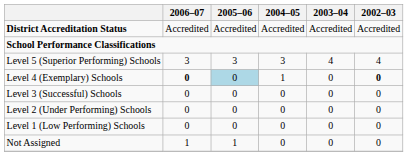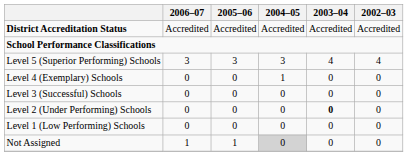 <table class="wikitable" style="font-size: 95%;">
 <tr>
 <th></th>
 <th>2006–07</th>
 <th>2005–06</th>
 <th>2004–05</th>
 <th>2003–04</th>
 <th>2002–03</th>
 </tr>
 <tr>
 <td align="left"><strong>District Accreditation Status</strong></td>
 <td align="center">Accredited</td>
 <td align="center">Accredited</td>
 <td align="center">Accredited</td>
 <td align="center">Accredited</td>
 <td align="center">Accredited</td>
 </tr>
 <tr>
 <td align="left" colspan="6"><strong>School Performance Classifications</strong></td>
 </tr>
 <tr>
 <td align="left">Level 5 (Superior Performing) Schools</td>
 <td align="center">3</td>
 <td align="center">3</td>
 <td align="center">3</td>
 <td align="center">4</td>
 <td align="center">4</td>
 </tr>
 <tr>
 <td align="left">Level 4 (Exemplary) Schools</td>
-<td align="center"><strong>0</strong></td>
-<td align="center" style="background: lightblue;">0</td>
+<td align="center">0</td>
+<td align="center">0</td>
 <td align="center">1</td>
 <td align="center">0</td>
-<td align="center"><strong>0</strong></td>
+<td align="center">0</td>
 </tr>
 <tr>
 <td align="left">Level 3 (Successful) Schools</td>
 <td align="center">0</td>
 <td align="center">0</td>
 <td align="center">0</td>
 <td align="center">0</td>
 <td align="center">0</td>
 </tr>
 <tr>
 <td align="left">Level 2 (Under Performing) Schools</td>
 <td align="center">0</td>
 <td align="center">0</td>
 <td align="center">0</td>
-<td align="center">0</td>
+<td align="center"><strong>0</strong></td>
 <td align="center">0</td>
 </tr>
 <tr>
 <td align="left">Level 1 (Low Performing) Schools</td>
 <td align="center">0</td>
 <td align="center">0</td>
 <td align="center">0</td>
 <td align="center">0</td>
 <td align="center">0</td>
 </tr>
 <tr>
 <td align="left">Not Assigned</td>
 <td align="center">1</td>
 <td align="center">1</td>
-<td align="center">0</td>
+<td align="center" style="background: lightgrey;">0</td>
 <td align="center">0</td>
 <td align="center">0</td>
 </tr>
 <tr>
 </tr>
 </table>
